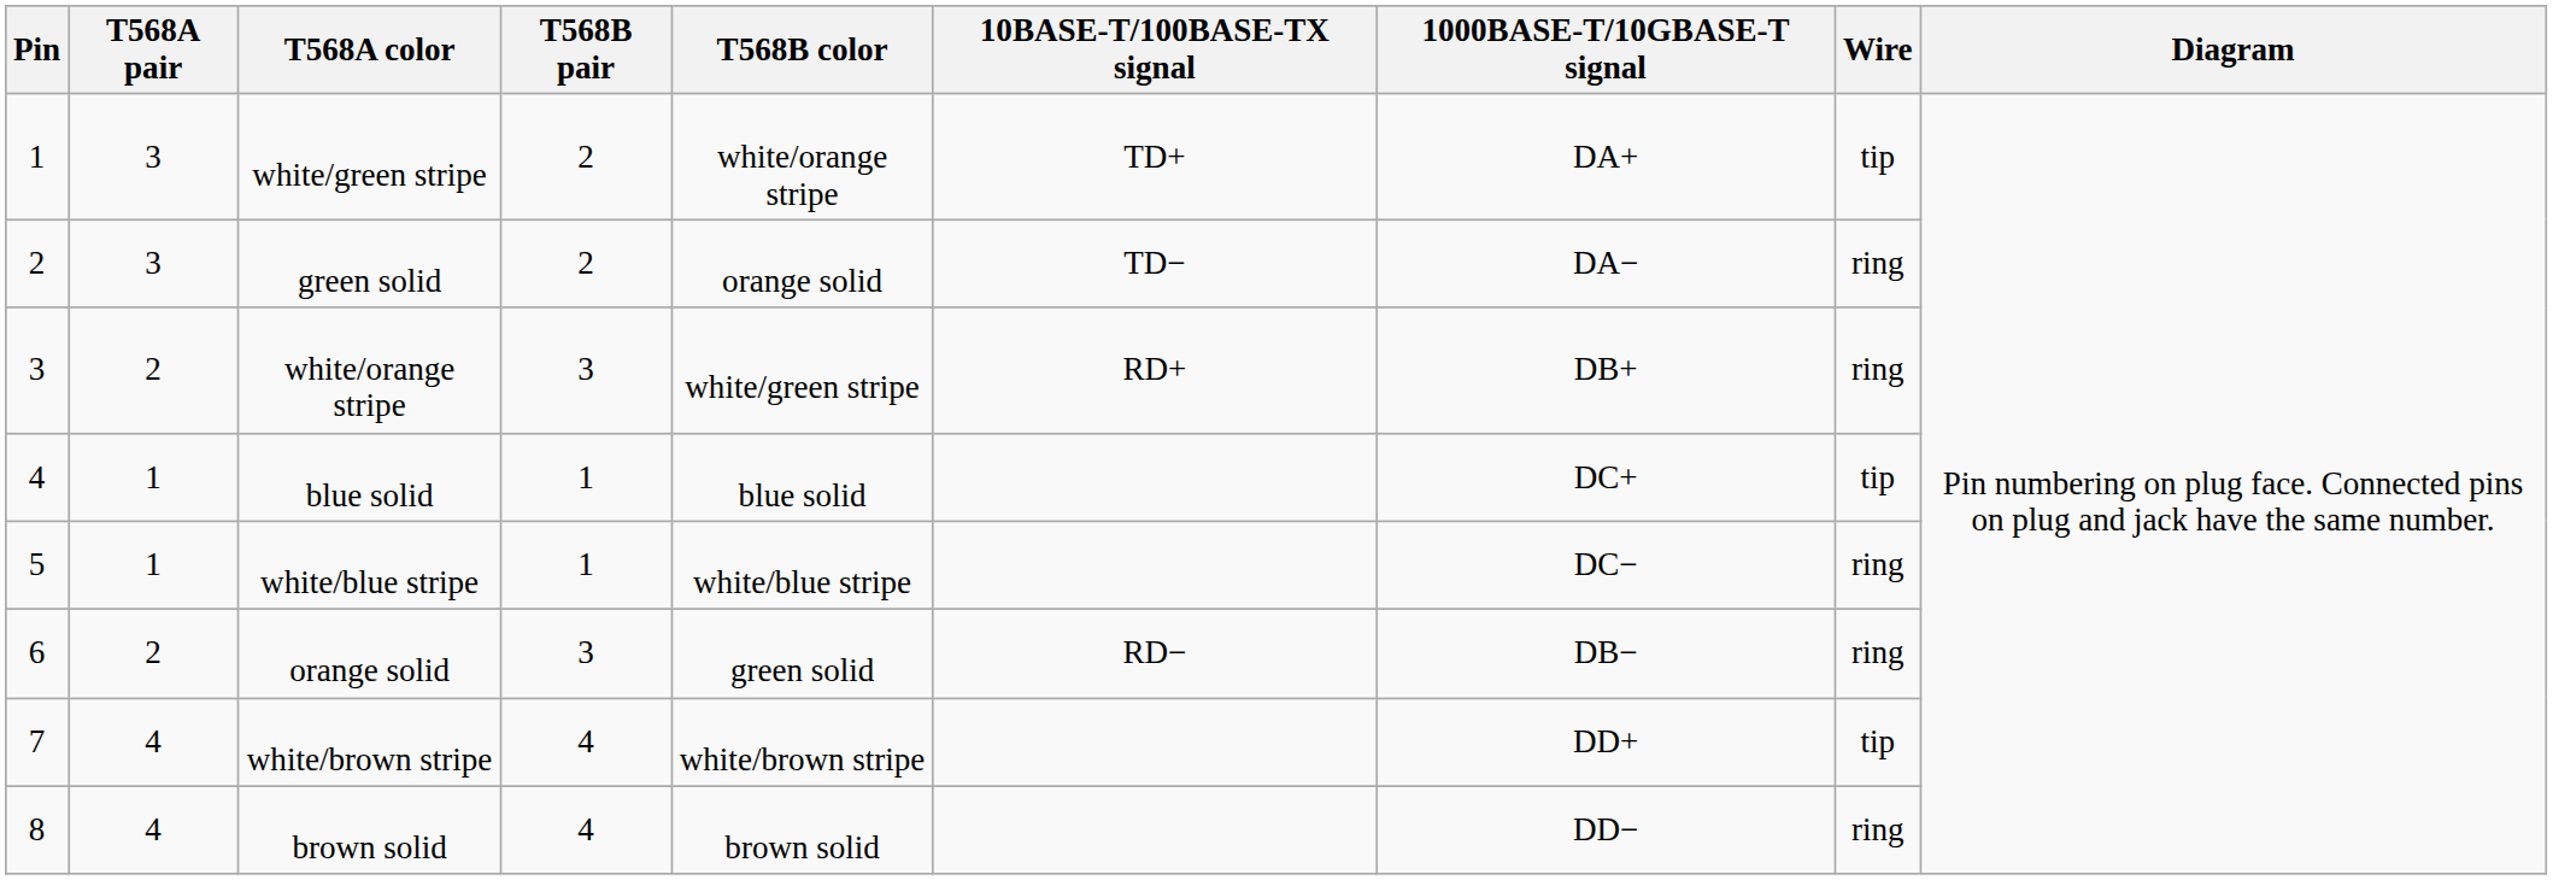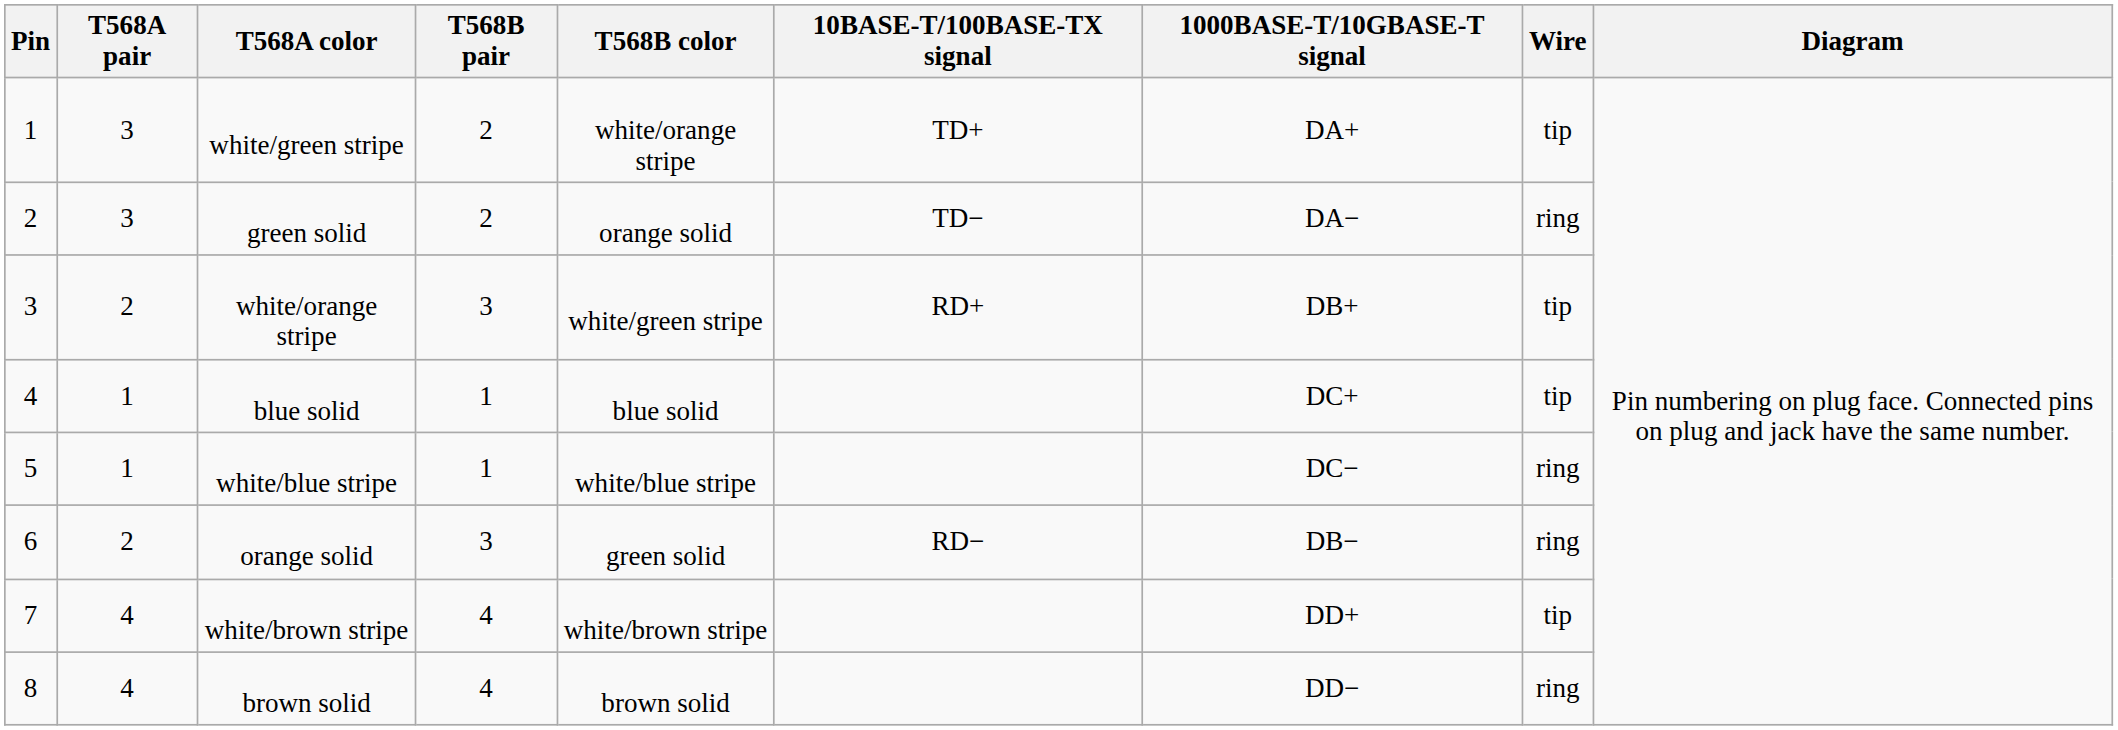 <table class="wikitable" style="text-align: center;">
 <tr>
 <th>Pin</th>
 <th>T568A pair</th>
 <th>T568A color</th>
 <th>T568B pair</th>
 <th>T568B color</th>
 <th>10BASE-T/100BASE-TX signal</th>
 <th>1000BASE-T/10GBASE-T signal</th>
 <th>Wire</th>
 <th>Diagram</th>
 </tr>
 <tr>
 <td>1</td>
 <td>3</td>
 <td><br>white/green stripe</td>
 <td>2</td>
 <td><br>white/orange stripe</td>
 <td>TD+</td>
 <td>DA+</td>
 <td>tip</td>
 <td rowspan=8 width=300px><br>Pin numbering on plug face. Connected pins on plug and jack have the same number.</td>
 </tr>
 <tr>
 <td>2</td>
 <td>3</td>
 <td><br>green solid</td>
 <td>2</td>
 <td><br>orange solid</td>
 <td>TD−</td>
 <td>DA−</td>
 <td>ring</td>
 </tr>
 <tr>
 <td>3</td>
 <td>2</td>
 <td><br>white/orange stripe</td>
 <td>3</td>
 <td><br>white/green stripe</td>
 <td>RD+</td>
 <td>DB+</td>
-<td>ring</td>
+<td>tip</td>
 </tr>
 <tr>
 <td>4</td>
 <td>1</td>
 <td><br>blue solid</td>
 <td>1</td>
 <td><br>blue solid</td>
 <td></td>
 <td>DC+</td>
 <td>tip</td>
 </tr>
 <tr>
 <td>5</td>
 <td>1</td>
 <td><br>white/blue stripe</td>
 <td>1</td>
 <td><br>white/blue stripe</td>
 <td></td>
 <td>DC−</td>
 <td>ring</td>
 </tr>
 <tr>
 <td>6</td>
 <td>2</td>
 <td><br>orange solid</td>
 <td>3</td>
 <td><br>green solid</td>
 <td>RD−</td>
 <td>DB−</td>
 <td>ring</td>
 </tr>
 <tr>
 <td>7</td>
 <td>4</td>
 <td><br>white/brown stripe</td>
 <td>4</td>
 <td><br>white/brown stripe</td>
 <td></td>
 <td>DD+</td>
 <td>tip</td>
 </tr>
 <tr>
 <td>8</td>
 <td>4</td>
 <td><br>brown solid</td>
 <td>4</td>
 <td><br>brown solid</td>
 <td></td>
 <td>DD−</td>
 <td>ring</td>
 </tr>
 </table>
